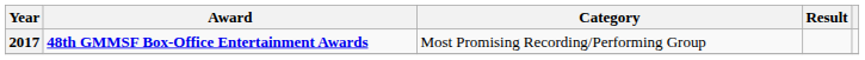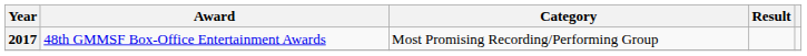 <table class="wikitable plainrowheaders" style="width:100%;">
 <tr>
 <th scope="col" style="width:0.5%;">Year</th>
 <th scope="col" style="width:47%;">Award</th>
 <th scope="col" style="width:48%;">Category</th>
 <th scope="col" style="width:6%;">Result</th>
 <th scope="col" style="width:0.5%;"></th>
 </tr>
 <tr>
 <th scope="row">2017</th>
-<td><strong><a href='#'>48th GMMSF Box-Office Entertainment Awards</a></strong></td>
+<td><a href='#'>48th GMMSF Box-Office Entertainment Awards</a></td>
 <td>Most Promising Recording/Performing Group</td>
 <td></td>
 <td style="text-align:center;"></td>
 </tr>
 <tr>
 </tr>
 </table>
